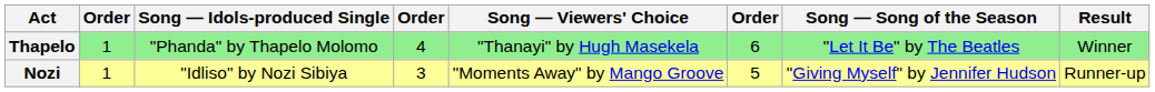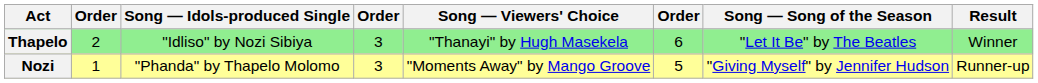 <table class="wikitable plainrowheaders" style="text-align:center;">
 <tr>
 <th scope"col">Act</th>
 <th scope"col">Order</th>
 <th scope"col">Song — Idols-produced Single</th>
 <th scope"col">Order</th>
 <th scope"col">Song — Viewers' Choice</th>
 <th scope"col">Order</th>
 <th scope"col">Song — Song of the Season</th>
 <th scope"col">Result</th>
 </tr>
 <tr style="background: lightgreen">
 <th scope=row><strong>Thapelo</strong></th>
-<td>1</td>
-<td>"Phanda" by Thapelo Molomo</td>
-<td>4</td>
+<td>2</td>
+<td>"Idliso" by Nozi Sibiya</td>
+<td>3</td>
 <td>"Thanayi" by <a href='#'>Hugh Masekela</a></td>
 <td>6</td>
 <td>"<a href='#'>Let It Be</a>" by <a href='#'>The Beatles</a></td>
 <td>Winner</td>
 </tr>
 <tr style="background: #ff9">
 <th scope=row>Nozi</th>
 <td>1</td>
-<td>"Idliso" by Nozi Sibiya</td>
+<td>"Phanda" by Thapelo Molomo</td>
 <td>3</td>
 <td>"Moments Away" by <a href='#'>Mango Groove</a></td>
 <td>5</td>
 <td>"<a href='#'>Giving Myself</a>" by <a href='#'>Jennifer Hudson</a></td>
 <td>Runner-up</td>
 </tr>
 </table>
